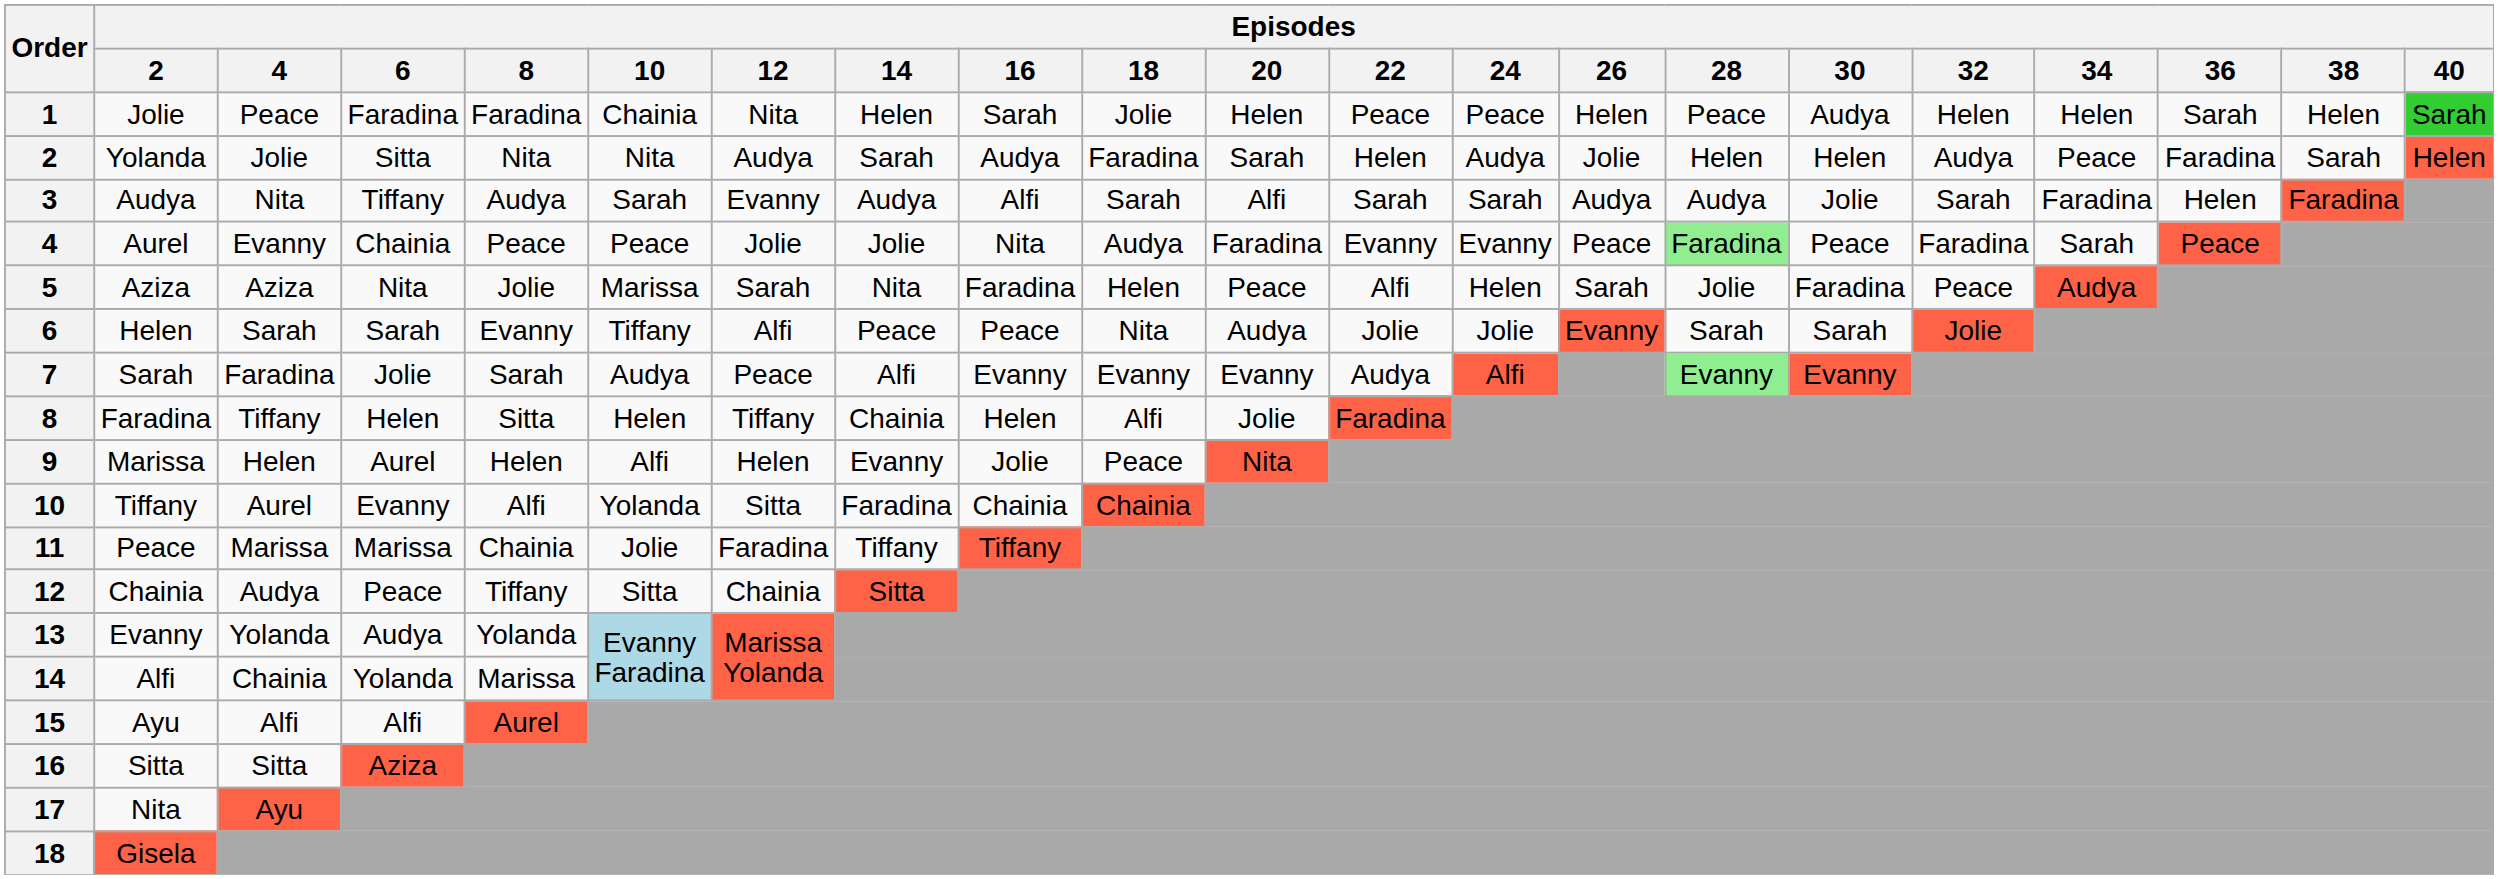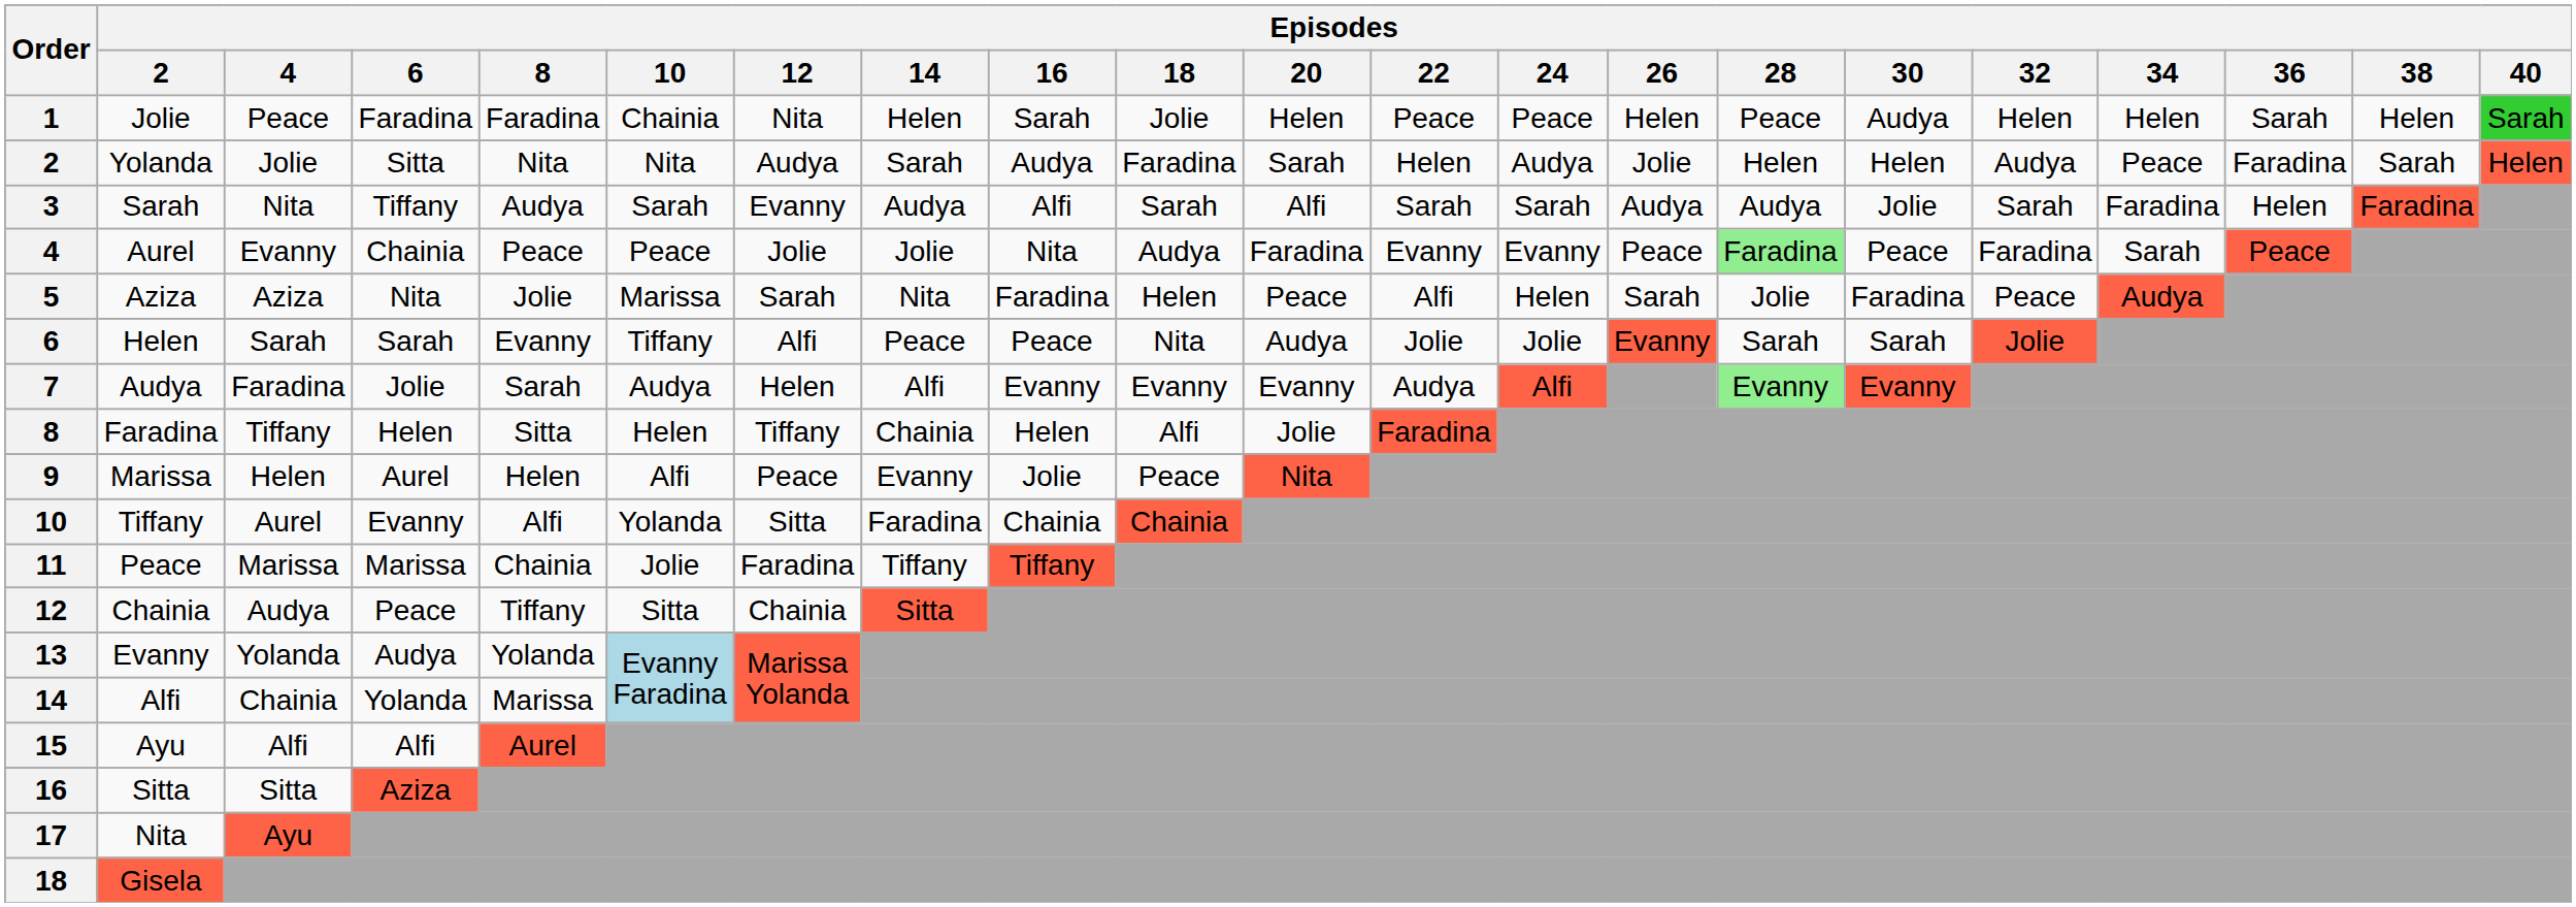 <table class="wikitable" style="text-align:center; font-size:92%">
 <tr>
 <th rowspan="2">Order</th>
 <th colspan="20">Episodes</th>
 </tr>
 <tr>
 <th>2</th>
 <th>4</th>
 <th>6</th>
 <th>8</th>
 <th>10</th>
 <th>12</th>
 <th>14</th>
 <th>16</th>
 <th>18</th>
 <th>20</th>
 <th>22</th>
 <th>24</th>
 <th>26</th>
 <th>28</th>
 <th>30</th>
 <th>32</th>
 <th>34</th>
 <th>36</th>
 <th>38</th>
 <th>40</th>
 </tr>
 <tr>
 <th>1</th>
 <td>Jolie</td>
 <td>Peace</td>
 <td>Faradina</td>
 <td>Faradina</td>
 <td>Chainia</td>
 <td>Nita</td>
 <td>Helen</td>
 <td>Sarah</td>
 <td>Jolie</td>
 <td>Helen</td>
 <td>Peace</td>
 <td>Peace</td>
 <td>Helen</td>
 <td>Peace</td>
 <td>Audya</td>
 <td>Helen</td>
 <td>Helen</td>
 <td>Sarah</td>
 <td>Helen</td>
 <td bgcolor="limegreen">Sarah</td>
 </tr>
 <tr>
 <th>2</th>
 <td>Yolanda</td>
 <td>Jolie</td>
 <td>Sitta</td>
 <td>Nita</td>
 <td>Nita</td>
 <td>Audya</td>
 <td>Sarah</td>
 <td>Audya</td>
 <td>Faradina</td>
 <td>Sarah</td>
 <td>Helen</td>
 <td>Audya</td>
 <td>Jolie</td>
 <td>Helen</td>
 <td>Helen</td>
 <td>Audya</td>
 <td>Peace</td>
 <td>Faradina</td>
 <td>Sarah</td>
 <td bgcolor="tomato">Helen</td>
 </tr>
 <tr>
 <th>3</th>
-<td>Audya</td>
+<td>Sarah</td>
 <td>Nita</td>
 <td>Tiffany</td>
 <td>Audya</td>
 <td>Sarah</td>
 <td>Evanny</td>
 <td>Audya</td>
 <td>Alfi</td>
 <td>Sarah</td>
 <td>Alfi</td>
 <td>Sarah</td>
 <td>Sarah</td>
 <td>Audya</td>
 <td>Audya</td>
 <td>Jolie</td>
 <td>Sarah</td>
 <td>Faradina</td>
 <td>Helen</td>
 <td bgcolor="tomato">Faradina</td>
 <td colspan="1" bgcolor="darkgrey"></td>
 </tr>
 <tr>
 <th>4</th>
 <td>Aurel</td>
 <td>Evanny</td>
 <td>Chainia</td>
 <td>Peace</td>
 <td>Peace</td>
 <td>Jolie</td>
 <td>Jolie</td>
 <td>Nita</td>
 <td>Audya</td>
 <td>Faradina</td>
 <td>Evanny</td>
 <td>Evanny</td>
 <td>Peace</td>
 <td bgcolor="lightgreen">Faradina</td>
 <td>Peace</td>
 <td>Faradina</td>
 <td>Sarah</td>
 <td bgcolor="tomato">Peace</td>
 <td colspan="2" bgcolor="darkgrey"></td>
 </tr>
 <tr>
 <th>5</th>
 <td>Aziza</td>
 <td>Aziza</td>
 <td>Nita</td>
 <td>Jolie</td>
 <td>Marissa</td>
 <td>Sarah</td>
 <td>Nita</td>
 <td>Faradina</td>
 <td>Helen</td>
 <td>Peace</td>
 <td>Alfi</td>
 <td>Helen</td>
 <td>Sarah</td>
 <td>Jolie</td>
 <td>Faradina</td>
 <td>Peace</td>
 <td bgcolor="tomato">Audya</td>
 <td colspan="3" bgcolor="darkgrey"></td>
 </tr>
 <tr>
 <th>6</th>
 <td>Helen</td>
 <td>Sarah</td>
 <td>Sarah</td>
 <td>Evanny</td>
 <td>Tiffany</td>
 <td>Alfi</td>
 <td>Peace</td>
 <td>Peace</td>
 <td>Nita</td>
 <td>Audya</td>
 <td>Jolie</td>
 <td>Jolie</td>
 <td bgcolor="tomato">Evanny</td>
 <td>Sarah</td>
 <td>Sarah</td>
 <td bgcolor="tomato">Jolie</td>
 <td colspan="4" bgcolor="darkgrey"></td>
 </tr>
 <tr>
 <th>7</th>
-<td>Sarah</td>
+<td>Audya</td>
 <td>Faradina</td>
 <td>Jolie</td>
 <td>Sarah</td>
 <td>Audya</td>
-<td>Peace</td>
+<td>Helen</td>
 <td>Alfi</td>
 <td>Evanny</td>
 <td>Evanny</td>
 <td>Evanny</td>
 <td>Audya</td>
 <td bgcolor="tomato">Alfi</td>
 <td bgcolor="darkgrey"></td>
 <td bgcolor="lightgreen">Evanny</td>
 <td bgcolor="tomato">Evanny</td>
 <td colspan="5" bgcolor="darkgrey"></td>
 </tr>
 <tr>
 <th>8</th>
 <td>Faradina</td>
 <td>Tiffany</td>
 <td>Helen</td>
 <td>Sitta</td>
 <td>Helen</td>
 <td>Tiffany</td>
 <td>Chainia</td>
 <td>Helen</td>
 <td>Alfi</td>
 <td>Jolie</td>
 <td bgcolor="tomato">Faradina</td>
 <td colspan="9" bgcolor="darkgrey"></td>
 </tr>
 <tr>
 <th>9</th>
 <td>Marissa</td>
 <td>Helen</td>
 <td>Aurel</td>
 <td>Helen</td>
 <td>Alfi</td>
-<td>Helen</td>
+<td>Peace</td>
 <td>Evanny</td>
 <td>Jolie</td>
 <td>Peace</td>
 <td bgcolor="tomato">Nita</td>
 <td colspan="10" bgcolor="darkgrey"></td>
 </tr>
 <tr>
 <th>10</th>
 <td>Tiffany</td>
 <td>Aurel</td>
 <td>Evanny</td>
 <td>Alfi</td>
 <td>Yolanda</td>
 <td>Sitta</td>
 <td>Faradina</td>
 <td>Chainia</td>
 <td bgcolor="tomato">Chainia</td>
 <td colspan="11" bgcolor="darkgrey"></td>
 </tr>
 <tr>
 <th>11</th>
 <td>Peace</td>
 <td>Marissa</td>
 <td>Marissa</td>
 <td>Chainia</td>
 <td>Jolie</td>
 <td>Faradina</td>
 <td>Tiffany</td>
 <td bgcolor="tomato">Tiffany</td>
 <td colspan="12" bgcolor="darkgrey"></td>
 </tr>
 <tr>
 <th>12</th>
 <td>Chainia</td>
 <td>Audya</td>
 <td>Peace</td>
 <td>Tiffany</td>
 <td>Sitta</td>
 <td>Chainia</td>
 <td bgcolor="tomato">Sitta</td>
 <td colspan="13" bgcolor="darkgrey"></td>
 </tr>
 <tr>
 <th>13</th>
 <td>Evanny</td>
 <td>Yolanda</td>
 <td>Audya</td>
 <td>Yolanda</td>
 <td rowspan="2" bgcolor="lightblue">Evanny<br>Faradina</td>
 <td rowspan="2" bgcolor="tomato">Marissa<br>Yolanda</td>
 <td colspan="14" bgcolor="darkgrey"></td>
 </tr>
 <tr>
 <th>14</th>
 <td>Alfi</td>
 <td>Chainia</td>
 <td>Yolanda</td>
 <td>Marissa</td>
 <td colspan="14" bgcolor="darkgrey"></td>
 </tr>
 <tr>
 <th>15</th>
 <td>Ayu</td>
 <td>Alfi</td>
 <td>Alfi</td>
 <td bgcolor="tomato">Aurel</td>
 <td colspan="16" bgcolor="darkgrey"></td>
 </tr>
 <tr>
 <th>16</th>
 <td>Sitta</td>
 <td>Sitta</td>
 <td bgcolor="tomato">Aziza</td>
 <td colspan="17" bgcolor="darkgrey"></td>
 </tr>
 <tr>
 <th>17</th>
 <td>Nita</td>
 <td bgcolor="tomato">Ayu</td>
 <td colspan="18" bgcolor="darkgrey"></td>
 </tr>
 <tr>
 <th>18</th>
 <td bgcolor="tomato">Gisela</td>
 <td colspan="19" bgcolor="darkgrey"></td>
 </tr>
 </table>
